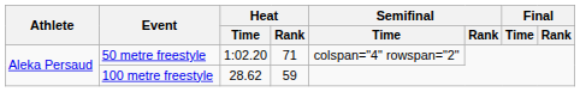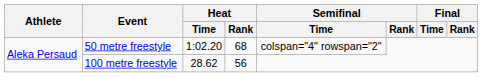 <table class="wikitable" style="text-align:center; font-size:90%; width:50%;">
 <tr>
 <th rowspan="2">Athlete</th>
 <th rowspan="2">Event</th>
 <th colspan="2">Heat</th>
 <th colspan="2">Semifinal</th>
 <th colspan="2">Final</th>
 </tr>
 <tr style="font-size:95%">
 <th>Time</th>
 <th>Rank</th>
 <th>Time</th>
 <th>Rank</th>
 <th>Time</th>
 <th>Rank</th>
 </tr>
 <tr>
 <td align=left rowspan=2><a href='#'>Aleka Persaud</a></td>
 <td align=left><a href='#'>50 metre freestyle</a></td>
 <td>1:02.20</td>
-<td>71</td>
+<td>68</td>
 <td>colspan="4" rowspan="2" </td>
 </tr>
 <tr>
 <td align=left><a href='#'>100 metre freestyle</a></td>
 <td>28.62</td>
-<td>59</td>
+<td>56</td>
 </tr>
 </table>
